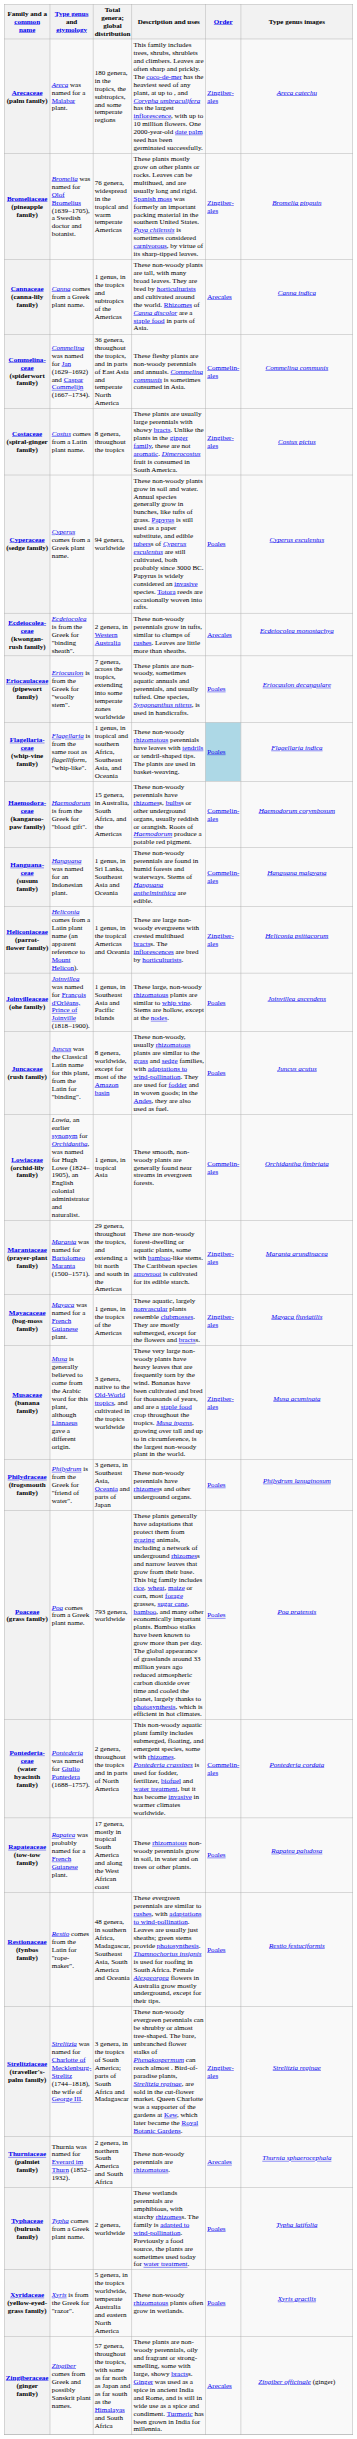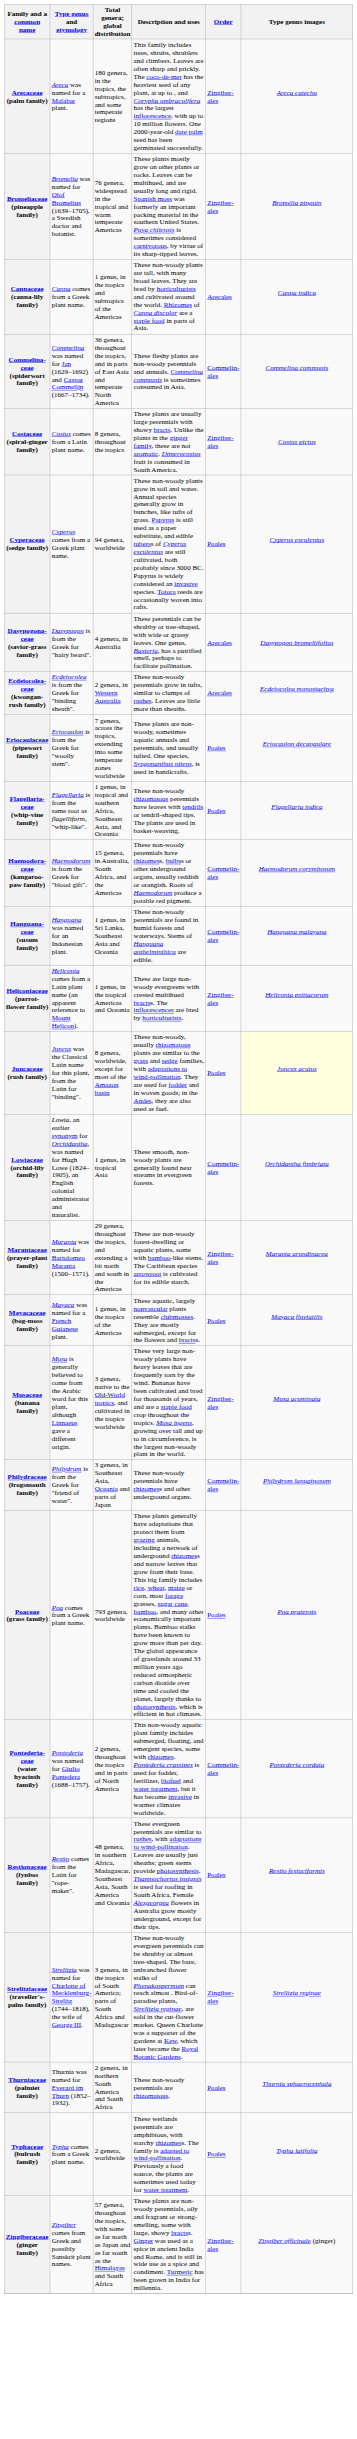 <table class="sortable wikitable plainrowheaders">
 <tr>
 <th scope="col" width="1%">Family and a <a href='#'>common name</a></th>
 <th scope="col" width="15%"><a href='#'>Type genus</a> and <a href='#'>etymology</a></th>
 <th scope="col" width="15%">Total genera; global distribution</th>
 <th scope="col" class="unsortable" style="min-width:160px;" width="30%">Description and uses</th>
 <th scope="col" width="1%"><a href='#'>Order</a></th>
 <th scope="col" class="unsortable" width="1%" style="min-width:247px;">Type genus images</th>
 </tr>
 <tr>
 <th scope="row"><a href='#'>Arecaceae</a><br>(palm family)</th>
 <td><em><a href='#'>Areca</a></em> was named for a <a href='#'>Malabar</a> plant.</td>
 <td>180 genera, in the tropics, the subtropics, and some temperate regions</td>
 <td>This family includes trees, shrubs, shrublets and climbers. Leaves are often sharp and prickly. The <a href='#'>coco-de-mer</a> has the heaviest seed of any plant, at up to , and <em><a href='#'>Corypha umbraculifera</a></em> has the largest <a href='#'>inflorescence</a>, with up to 10 million flowers. One 2000-year-old <a href='#'>date palm</a> seed has been germinated successfully.</td>
 <td><a href='#'>Zingiber­ales</a></td>
 <td style="padding: 2px; text-align: center"><em><a href='#'>Areca catechu</a></em><br><br> </td>
 </tr>
 <tr>
 <th scope="row"><a href='#'>Bromeliaceae</a><br>(pineapple family)</th>
 <td><em><a href='#'>Bromelia</a></em> was named for <a href='#'>Olof Bromelius</a> (1639–1705), a Swedish doctor and botanist.</td>
 <td>76 genera, widespread in the tropical and warm temperate Americas</td>
 <td>These plants mostly grow on other plants or rocks. Leaves can be multihued, and are usually long and rigid. <a href='#'>Spanish moss</a> was formerly an important packing material in the southern United States. <em><a href='#'>Puya chilensis</a></em> is sometimes considered <a href='#'>carnivorous</a>, by virtue of its sharp-tipped leaves.</td>
 <td><a href='#'>Zingiber­ales</a></td>
 <td style="padding: 2px; text-align: center"><em><a href='#'>Bromelia pinguin</a></em><br><br> </td>
 </tr>
 <tr>
 <th scope="row"><a href='#'>Cannaceae</a><br>(canna-lily family)</th>
 <td><em><a href='#'>Canna</a></em> comes from a Greek plant name.</td>
 <td>1 genus, in the tropics and subtropics of the Americas</td>
 <td>These non-woody plants are tall, with many broad leaves. They are bred by <a href='#'>horticulturists</a> and cultivated around the world. <a href='#'>Rhizomes</a> of <em><a href='#'>Canna discolor</a></em> are a <a href='#'>staple food</a> in parts of Asia.</td>
 <td><a href='#'>Arecales</a></td>
 <td style="padding: 2px; text-align: center"><em><a href='#'>Canna indica</a></em><br><br> </td>
 </tr>
 <tr>
 <th scope="row"><a href='#'>Commelina­ceae</a><br>(spiderwort family)</th>
 <td><em><a href='#'>Commelina</a></em> was named for <a href='#'>Jan</a> (1629–1692) and <a href='#'>Caspar Commelijn</a> (1667–1734).</td>
 <td>36 genera, throughout the tropics, and in parts of East Asia and temperate North America</td>
 <td>These fleshy plants are non-woody perennials and annuals. <em><a href='#'>Commelina communis</a></em> is sometimes consumed in Asia.</td>
 <td><a href='#'>Commelin­ales</a></td>
 <td style="padding: 2px; text-align: center"><em><a href='#'>Commelina communis</a></em> <br><br> </td>
 </tr>
 <tr>
 <th scope="row"><a href='#'>Costaceae</a><br>(spiral-ginger family)</th>
 <td><em><a href='#'>Costus</a></em> comes from a Latin plant name.</td>
 <td>8 genera, throughout the tropics</td>
 <td>These plants are usually large perennials with showy <a href='#'>bracts</a>. Unlike the plants in the <a href='#'>ginger family</a>, these are not <a href='#'>aromatic</a>. <em><a href='#'>Dimerocostus</a></em> fruit is consumed in South America.</td>
 <td><a href='#'>Zingiber­ales</a></td>
 <td style="padding: 2px; text-align: center"><em><a href='#'>Costus pictus</a></em> <br></td>
 </tr>
 <tr>
 <th scope="row"><a href='#'>Cyperaceae</a><br>(sedge family)</th>
 <td><em><a href='#'>Cyperus</a></em> comes from a Greek plant name.</td>
 <td>94 genera, worldwide</td>
 <td>These non-woody plants grow in soil and water. Annual species generally grow in bunches, like tufts of grass. <a href='#'>Papyrus</a> is still used as a paper substitute, and edible <a href='#'>tubers</a>s of <em><a href='#'>Cyperus esculentus</a></em> are still cultivated, both probably since 3000 BC. Papyrus is widely considered an <a href='#'>invasive</a> species. <a href='#'>Totora</a> reeds are occasionally woven into rafts.</td>
 <td><a href='#'>Poales</a></td>
 <td style="padding: 2px; text-align: center"><em><a href='#'>Cyperus esculentus</a></em><br><br> </td>
 </tr>
 <tr>
+<th scope="row"><a href='#'>Dasypogona­ceae</a><br>(savior-grass family)</th>
+<td><em><a href='#'>Dasypogon</a></em> is from the Greek for "hairy beard".</td>
+<td>4 genera, in  Australia</td>
+<td>These perennials can be shrubby or tree-shaped, with wide or grassy leaves. One genus, <em><a href='#'>Baxteria</a></em>, has a putrified smell, perhaps to facilitate pollination.</td>
+<td><a href='#'>Arecales</a></td>
+<td style="padding: 2px; text-align: center"><em><a href='#'>Dasypogon bromeliifolius</a></em><br> </td>
+</tr>
+<tr>
 <th scope="row"><a href='#'>Ecdeiocolea­ceae</a><br>(kwongan-rush family)</th>
 <td><em><a href='#'>Ecdeiocolea</a></em> is from the Greek for "binding sheath".</td>
 <td>2 genera, in <a href='#'>Western Australia</a></td>
 <td>These non-woody perennials grow in tufts, similar to clumps of <a href='#'>rushes</a>. Leaves are little more than sheaths.</td>
 <td><a href='#'>Arecales</a></td>
 <td style="padding: 2px; text-align: center"><em><a href='#'>Ecdeiocolea monostachya</a></em><br><br> </td>
 </tr>
 <tr>
 <th scope="row"><a href='#'>Eriocaulaceae</a><br>(pipewort family)</th>
 <td><em><a href='#'>Eriocaulon</a></em> is from the Greek for "woolly stem".</td>
 <td>7 genera, across the tropics, extending into some temperate zones worldwide</td>
 <td>These plants are non-woody, sometimes aquatic annuals and perennials, and usually tufted. One species, <em><a href='#'>Syngonanthus nitens</a></em>, is used in handicrafts.</td>
 <td><a href='#'>Poales</a></td>
 <td style="padding: 2px; text-align: center"><em><a href='#'>Eriocaulon decangulare</a></em><br><br> </td>
 </tr>
 <tr>
 <th scope="row"><a href='#'>Flagellaria­ceae</a><br>(whip-vine family)</th>
 <td><em><a href='#'>Flagellaria</a></em> is from the same root as <em>flagelliform</em>, "whip-like".</td>
 <td>1 genus, in  tropical and southern Africa, Southeast Asia, and Oceania</td>
 <td>These non-woody <a href='#'>rhizomatous</a> perennials have leaves with <a href='#'>tendrils</a> or tendril-shaped tips. The plants are used in basket-weaving.</td>
-<td style="background: lightblue;"><a href='#'>Poales</a></td>
+<td><a href='#'>Poales</a></td>
 <td style="padding: 2px; text-align: center"><em><a href='#'>Flagellaria indica</a></em><br><br> </td>
 </tr>
 <tr>
 <th scope="row"><a href='#'>Haemodora­ceae</a><br>(kangaroo-paw family)</th>
 <td><em><a href='#'>Haemodorum</a></em> is from the Greek for "blood gift".</td>
 <td>15 genera, in  Australia, South Africa, and the Americas</td>
 <td>These non-woody perennials have <a href='#'>rhizomes</a>s, <a href='#'>bulbs</a>s or other underground organs, usually reddish or orangish. Roots of <em><a href='#'>Haemodorum</a></em> produce a potable red pigment.</td>
 <td><a href='#'>Commelin­ales</a></td>
 <td style="padding: 2px; text-align: center"><em><a href='#'>Haemodorum corymbosum</a></em><br><br> </td>
 </tr>
 <tr>
 <th scope="row"><a href='#'>Hanguana­ceae</a><br>(susum family)</th>
 <td><em><a href='#'>Hanguana</a></em> was named for an Indonesian plant.</td>
 <td>1 genus, in Sri Lanka, Southeast Asia and Oceania</td>
 <td>These non-woody perennials are found in humid forests and waterways. Stems of <em><a href='#'>Hanguana anthelminthica</a></em> are edible.</td>
 <td><a href='#'>Commelin­ales</a></td>
 <td style="padding: 2px; text-align: center"><em><a href='#'>Hanguana malayana</a></em><br><br> </td>
 </tr>
 <tr>
 <th scope="row"><a href='#'>Heliconiaceae</a><br>(parrot-flower family)</th>
 <td><em><a href='#'>Heliconia</a></em> comes from a Latin plant name (an apparent reference to <a href='#'>Mount Helicon</a>).</td>
 <td>1 genus, in the tropical Americas and Oceania</td>
 <td>These are large non-woody evergreens with crested multihued <a href='#'>bracts</a>s. The <a href='#'>inflorescences</a> are bred by <a href='#'>horticulturists</a>.</td>
 <td><a href='#'>Zingiber­ales</a></td>
 <td style="padding: 2px; text-align: center"><em><a href='#'>Heliconia psittacorum</a></em><br><br> </td>
 </tr>
 <tr>
-<th scope="row"><a href='#'>Joinvilleaceae</a><br>(ohe family)</th>
-<td><em><a href='#'>Joinvillea</a></em> was named for <a href='#'>François d'Orléans, Prince of Joinville</a> (1818–1900).</td>
-<td>1 genus, in  Southeast Asia and Pacific islands</td>
-<td>These large, non-woody <a href='#'>rhizomatous</a> plants are similar to <a href='#'>whip vine</a>. Stems are hollow, except at the <a href='#'>nodes</a>.</td>
-<td><a href='#'>Poales</a></td>
-<td style="padding: 2px; text-align: center"><em><a href='#'>Joinvillea ascendens</a></em><br><br> </td>
-</tr>
-<tr>
 <th scope="row"><a href='#'>Juncaceae</a><br>(rush family)</th>
 <td><em><a href='#'>Juncus</a></em> was the Classical Latin name for this plant, from the Latin for "binding".</td>
 <td>8 genera, worldwide, except for most of the <a href='#'>Amazon basin</a></td>
 <td>These non-woody, usually <a href='#'>rhizomatous</a> plants are  similar to the <a href='#'>grass</a> and <a href='#'>sedge</a> families, with <a href='#'>adaptations to wind-pollination</a>. They are used for <a href='#'>fodder</a> and in woven goods; in the <a href='#'>Andes</a>, they are also used as fuel.</td>
 <td><a href='#'>Poales</a></td>
-<td style="padding: 2px; text-align: center"><em><a href='#'>Juncus acutus</a></em><br><br> </td>
+<td style="background: lightyellow; padding: 2px; text-align: center"><em><a href='#'>Juncus acutus</a></em><br><br> </td>
 </tr>
 <tr>
 <th scope="row"><a href='#'>Lowiaceae</a><br>(orchid-lily family)</th>
 <td><em>Lowia</em>, an earlier <a href='#'>synonym</a> for <em><a href='#'>Orchidantha</a>,</em> was named for Hugh Lowe (1824–1905), an English colonial administrator and naturalist.</td>
 <td>1 genus, in  tropical Asia</td>
 <td>These smooth, non-woody plants are generally found near streams in evergreen forests.</td>
 <td><a href='#'>Commelin­ales</a></td>
 <td style="padding: 2px; text-align: center"><em><a href='#'>Orchidantha fimbriata</a></em><br><br> </td>
 </tr>
 <tr>
 <th scope="row"><a href='#'>Marantaceae</a><br>(prayer-plant family)</th>
 <td><a href='#'><em>Maranta</em></a> was named for <a href='#'>Bartolomeo Maranta</a> (1500–1571).</td>
 <td>29 genera, throughout the tropics, and extending a bit north and south in the Americas</td>
 <td>These are non-woody forest-dwelling or aquatic plants, some with <a href='#'>bamboo</a>-like stems. The Caribbean species <a href='#'>arrowroot</a> is cultivated for its edible starch.</td>
 <td><a href='#'>Zingiber­ales</a></td>
 <td style="padding: 2px; text-align: center"><em><a href='#'>Maranta arundinacea</a></em><br><br> </td>
 </tr>
 <tr>
 <th scope="row"><a href='#'>Mayacaceae</a><br>(bog-moss family)</th>
 <td><em><a href='#'>Mayaca</a></em> was named for a <a href='#'>French Guianese</a> plant.</td>
 <td>1 genus, in the tropics of the Americas</td>
 <td>These aquatic, largely <a href='#'>nonvascular</a> plants resemble <a href='#'>clubmosses</a>. They are mostly submerged, except for the flowers and <a href='#'>bracts</a>s.</td>
-<td><a href='#'>Zingiber­ales</a></td>
+<td><a href='#'>Poales</a></td>
 <td style="padding: 2px; text-align: center"><em><a href='#'>Mayaca fluviatilis</a></em><br><br> </td>
 </tr>
 <tr>
 <th scope="row"><a href='#'>Musaceae</a><br>(banana family)</th>
 <td><a href='#'><em>Musa</em></a> is generally believed to come from the Arabic word for this plant, although <a href='#'>Linnaeus</a> gave a different origin.</td>
 <td>3 genera, native to the <a href='#'>Old-World tropics</a>, and cultivated in the tropics worldwide</td>
 <td>These very large non-woody plants have heavy leaves that are frequently torn by the wind. Bananas have been cultivated and bred for thousands of years, and are a <a href='#'>staple food</a> crop throughout the tropics. <em><a href='#'>Musa ingens</a></em>, growing over  tall and up to  in circumference, is the largest non-woody plant in the world.</td>
 <td><a href='#'>Zingiber­ales</a></td>
 <td style="padding: 2px; text-align: center"><em><a href='#'>Musa acuminata</a></em><br><br> </td>
 </tr>
 <tr>
 <th scope="row"><a href='#'>Philydraceae</a><br>(frogsmouth family)</th>
 <td><em><a href='#'>Philydrum</a></em> is from the Greek for "friend of water".</td>
 <td>3 genera, in  Southeast Asia, <a href='#'>Oceania</a> and parts of Japan</td>
 <td>These non-woody perennials have <a href='#'>rhizomes</a>s and other underground organs.</td>
-<td><a href='#'>Poales</a></td>
+<td><a href='#'>Commelin­ales</a></td>
 <td style="padding: 2px; text-align: center"><em><a href='#'>Philydrum lanuginosum</a></em><br><br> </td>
 </tr>
 <tr>
 <th scope="row"><a href='#'>Poaceae</a><br>(grass family)</th>
 <td><em><a href='#'>Poa</a></em> comes from a Greek plant name.</td>
 <td>793 genera, worldwide</td>
 <td>These plants generally have adaptations that protect them from <a href='#'>grazing</a> animals, including a network of underground <a href='#'>rhizomes</a>s and narrow leaves that grow from their base. This big family includes <a href='#'>rice</a>, <a href='#'>wheat</a>, <a href='#'>maize</a> or corn, most <a href='#'>forage</a> grasses, <a href='#'>sugar cane</a>, <a href='#'>bamboo</a>, and many other economically important plants. Bamboo stalks have been known to grow more than  per day. The global appearance of grasslands around 33 million years ago reduced atmospheric carbon dioxide over time and cooled the planet, largely thanks to <a href='#'> photosynthesis</a>, which is efficient in hot climates.</td>
 <td><a href='#'>Poales</a></td>
 <td style="padding: 2px; text-align: center"><em><a href='#'>Poa pratensis</a></em><br><br> </td>
 </tr>
 <tr>
 <th scope="row"><a href='#'>Pontederia­ceae</a><br>(water hyacinth family)</th>
 <td><em><a href='#'>Pontederia</a></em> was named for <a href='#'>Giulio Pontedera</a> (1688–1757).</td>
 <td>2 genera, throughout the tropics and in parts of North America</td>
 <td>This non-woody aquatic plant family includes submerged, floating, and emergent species, some with <a href='#'>rhizomes</a>. <em><a href='#'>Pontederia crassipes</a></em> is used for fodder, fertilizer, <a href='#'>biofuel</a> and <a href='#'>water treatment</a>, but it has become <a href='#'>invasive</a> in warmer climates worldwide.</td>
 <td><a href='#'>Commelin­ales</a></td>
 <td style="padding: 2px; text-align: center"><em><a href='#'>Pontederia cordata</a></em><br><br> </td>
-</tr>
-<tr>
-<th scope="row"><a href='#'>Rapateaceae</a><br>(tow-tow family)</th>
-<td><em><a href='#'>Rapatea</a></em> was probably named for a <a href='#'>French Guianese</a> plant.</td>
-<td>17 genera, mostly in tropical South America and along the West African coast</td>
-<td>These <a href='#'>rhizomatous</a> non-woody perennials grow in soil, in water and on trees or other plants.</td>
-<td><a href='#'>Poales</a></td>
-<td style="padding: 2px; text-align: center"><em><a href='#'>Rapatea paludosa</a></em><br><br> </td>
 </tr>
 <tr>
 <th scope="row"><a href='#'>Restionaceae</a><br>(fynbos family)</th>
 <td><em><a href='#'>Restio</a></em> comes from the Latin for "rope-maker".</td>
 <td>48 genera, in southern Africa, Madagascar, Southeast Asia, South America and Oceania</td>
 <td>These evergreen perennials are similar to <a href='#'>rushes</a>, with <a href='#'>adaptations to wind-pollination</a>. Leaves are usually just sheaths; green stems provide <a href='#'>photosynthesis</a>. <em><a href='#'>Thamnochortus insignis</a></em> is used for roofing in South Africa. Female <em><a href='#'>Alexgeorgea</a></em> flowers in Australia grow mostly underground, except for their tips.</td>
 <td><a href='#'>Poales</a></td>
 <td style="padding: 2px; text-align: center"><em><a href='#'>Restio festuciformis</a></em><br><br> </td>
 </tr>
 <tr>
 <th scope="row"><a href='#'>Strelitziaceae</a><br>(traveller's-palm family)</th>
 <td><em><a href='#'>Strelitzia</a></em> was named for <a href='#'>Charlotte of Mecklenburg-Strelitz</a> (1744–1818), the wife of <a href='#'>George III</a>.</td>
 <td>3 genera, in the tropics of South America; parts of South Africa and Madagascar</td>
 <td>These non-woody evergreen perennials can be shrubby or almost tree-shaped. The bare, unbranched flower stalks of <em><a href='#'>Phenakospermum</a></em> can reach almost . Bird-of-paradise plants, <em><a href='#'>Strelitzia reginae</a></em>, are sold in the cut-flower market. Queen Charlotte was a supporter of the gardens at <a href='#'>Kew</a>, which later became the <a href='#'>Royal Botanic Gardens</a>.</td>
 <td><a href='#'>Zingiber­ales</a></td>
 <td style="padding: 2px; text-align: center"><em><a href='#'>Strelitzia reginae</a></em><br><br> </td>
 </tr>
 <tr>
 <th scope="row"><a href='#'>Thurniaceae</a><br>(palmiet family)</th>
 <td>Thurnia was named for <a href='#'>Everard im Thurn</a> (1852–1932).</td>
 <td>2 genera, in  northern South America and South Africa</td>
 <td>These non-woody perennials are <a href='#'>rhizomatous</a>.</td>
-<td><a href='#'>Arecales</a></td>
+<td><a href='#'>Poales</a></td>
 <td style="padding: 2px; text-align: center"><em><a href='#'>Thurnia sphaerocephala</a></em><br><br> </td>
 </tr>
 <tr>
 <th scope="row"><a href='#'>Typhaceae</a><br>(bulrush family)</th>
 <td><em><a href='#'>Typha</a></em> comes from a Greek plant name.</td>
 <td>2 genera, worldwide</td>
 <td>These wetlands perennials are amphibious, with starchy <a href='#'>rhizomes</a>s. The family is <a href='#'>adapted to wind-pollination</a>. Previously a food source, the plants are sometimes used today for <a href='#'>water treatment</a>.</td>
 <td><a href='#'>Poales</a></td>
 <td style="padding: 2px; text-align: center"><em><a href='#'>Typha latifolia</a></em><br><br> </td>
 </tr>
 <tr>
-<th scope="row"><a href='#'>Xyridaceae</a><br>(yellow-eyed-grass family)</th>
-<td><em><a href='#'>Xyris</a></em> is from the Greek for "razor".</td>
-<td>5 genera, in the tropics worldwide, temperate Australia and eastern North America</td>
-<td>These non-woody <a href='#'>rhizomatous</a> plants often grow in wetlands.</td>
-<td><a href='#'>Poales</a></td>
-<td style="padding: 2px; text-align: center"><em><a href='#'>Xyris gracilis</a></em><br><br> </td>
-</tr>
-<tr>
 <th scope="row"><a href='#'>Zingiberaceae</a><br>(ginger family)</th>
 <td><em><a href='#'>Zingiber</a></em> comes from Greek and possibly Sanskrit plant names.</td>
 <td>57 genera, throughout the tropics, with some as far north as Japan and as far south as the <a href='#'>Himalayas</a> and South Africa</td>
 <td>These plants are non-woody perennials, oily and fragrant or strong-smelling, some with large, showy <a href='#'>bracts</a>s. <a href='#'>Ginger</a> was used as a spice in ancient India and Rome, and is still in wide use as a spice and condiment. <a href='#'>Turmeric</a> has been grown in India for millennia.</td>
-<td><a href='#'>Arecales</a></td>
+<td><a href='#'>Zingiber­ales</a></td>
 <td style="padding: 2px; text-align: center"><em><a href='#'>Zingiber officinale</a></em> (ginger)<br><br> </td>
 </tr>
 <tr>
 </tr>
 </table>
